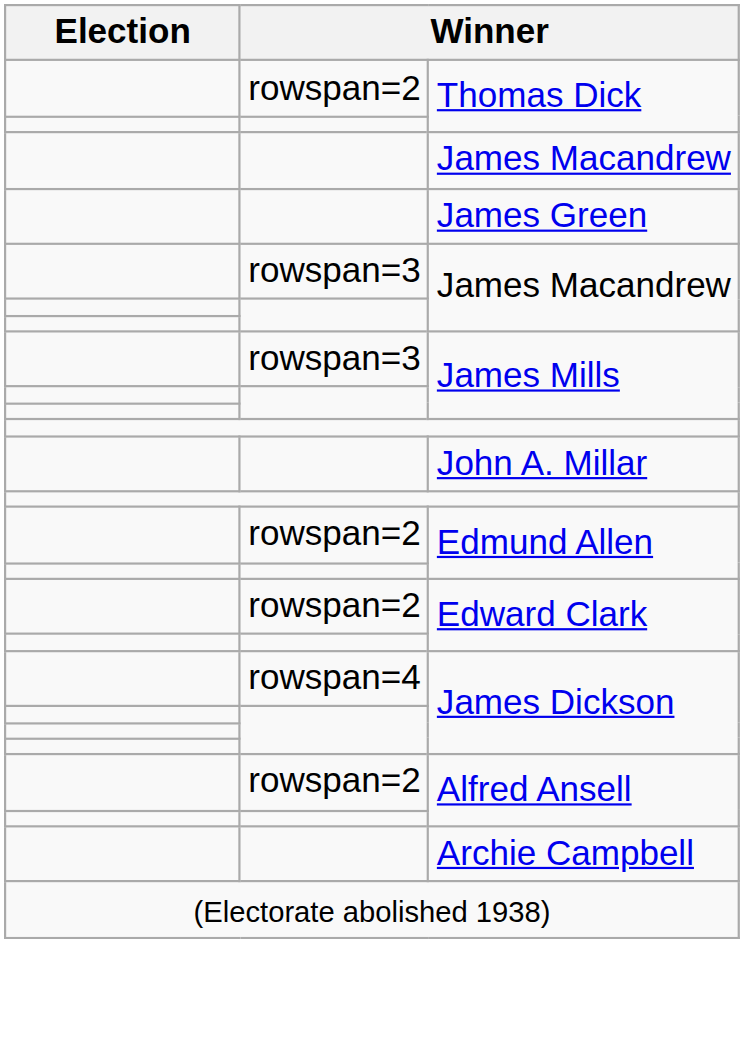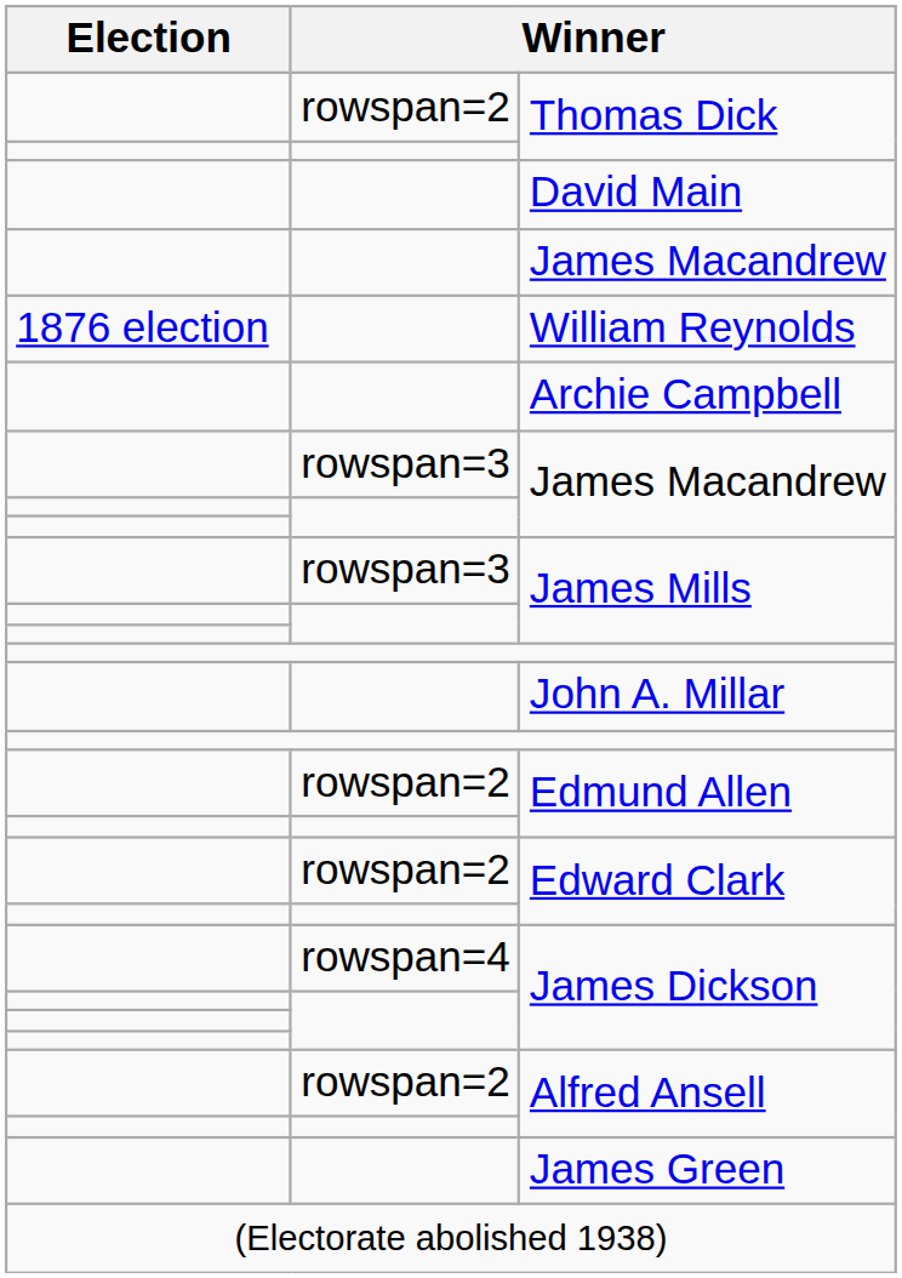 <table class=wikitable>
 <tr>
 <th width=100>Election</th>
 <th width=175 colspan=2>Winner</th>
 </tr>
 <tr>
 <td></td>
 <td>rowspan=2 </td>
 <td rowspan=2><a href='#'>Thomas Dick</a></td>
 </tr>
 <tr>
 <td></td>
 </tr>
 <tr>
 <td></td>
 <td></td>
-<td><a href='#'>James Macandrew</a></td>
+<td><a href='#'>David Main</a></td>
 </tr>
 <tr>
 <td></td>
 <td></td>
-<td><a href='#'>James Green</a></td>
+<td><a href='#'>James Macandrew</a></td>
+</tr>
+<tr>
+<td><a href='#'>1876 election</a></td>
+<td></td>
+<td><a href='#'>William Reynolds</a></td>
+</tr>
+<tr>
+<td></td>
+<td></td>
+<td><a href='#'>Archie Campbell</a></td>
 </tr>
 <tr>
 <td></td>
 <td>rowspan=3 </td>
 <td rowspan=3>James Macandrew</td>
 </tr>
 <tr>
 <td></td>
 </tr>
 <tr>
 <td></td>
 </tr>
 <tr>
 <td></td>
 <td>rowspan=3 </td>
 <td rowspan=3><a href='#'>James Mills</a></td>
 </tr>
 <tr>
 <td></td>
 </tr>
 <tr>
 <td></td>
 </tr>
 <tr>
 <td align=center colspan=3></td>
 </tr>
 <tr>
 <td></td>
 <td></td>
 <td><a href='#'>John A. Millar</a></td>
 </tr>
 <tr>
 <td align=center colspan=3></td>
 </tr>
 <tr>
 <td></td>
 <td>rowspan=2 </td>
 <td rowspan=2><a href='#'>Edmund Allen</a></td>
 </tr>
 <tr>
 <td></td>
 </tr>
 <tr>
 <td></td>
 <td>rowspan=2 </td>
 <td rowspan=2><a href='#'>Edward Clark</a></td>
 </tr>
 <tr>
 <td></td>
 </tr>
 <tr>
 <td></td>
 <td>rowspan=4 </td>
 <td rowspan=4><a href='#'>James Dickson</a></td>
 </tr>
 <tr>
 <td></td>
 </tr>
 <tr>
 <td></td>
 </tr>
 <tr>
 <td></td>
 </tr>
 <tr>
 <td></td>
 <td>rowspan=2 </td>
 <td rowspan=2><a href='#'>Alfred Ansell</a></td>
 </tr>
 <tr>
 <td></td>
 </tr>
 <tr>
 <td></td>
 <td></td>
-<td><a href='#'>Archie Campbell</a></td>
+<td><a href='#'>James Green</a></td>
 </tr>
 <tr>
 <td colspan=3 align=center><small>(Electorate abolished 1938)</small></td>
 </tr>
 </table>
